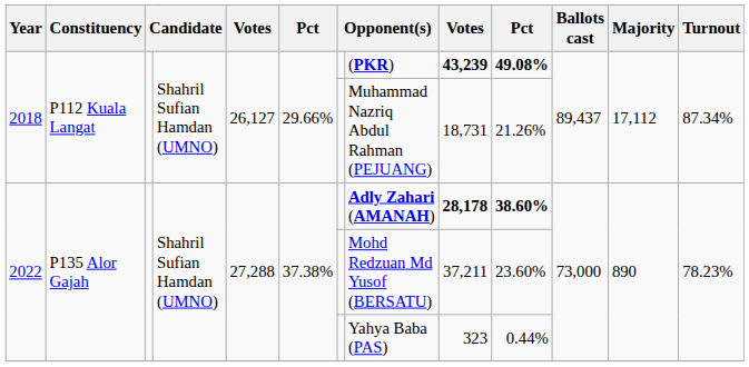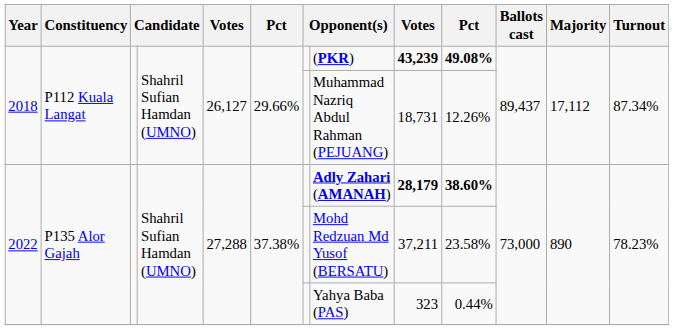 <table class="wikitable" style="margin:0.5em ; font-size:95%">
 <tr>
 <th>Year</th>
 <th>Constituency</th>
 <th colspan="2">Candidate</th>
 <th>Votes</th>
 <th>Pct</th>
 <th colspan="2">Opponent(s)</th>
 <th>Votes</th>
 <th>Pct</th>
 <th>Ballots cast</th>
 <th>Majority</th>
 <th>Turnout</th>
 </tr>
 <tr>
 <td rowspan="2"><a href='#'>2018</a></td>
 <td rowspan="2">P112 <a href='#'>Kuala Langat</a></td>
 <td rowspan="2" ></td>
 <td rowspan="2">Shahril Sufian Hamdan (<a href='#'>UMNO</a>)</td>
 <td rowspan="2" align=right>26,127</td>
 <td rowspan="2">29.66%</td>
 <td></td>
 <td> (<a href='#'><strong>PKR</strong></a>)</td>
 <td align=right><strong>43,239</strong></td>
 <td><strong>49.08%</strong></td>
 <td rowspan="2">89,437</td>
 <td rowspan="2">17,112</td>
 <td rowspan="2">87.34%</td>
 </tr>
 <tr>
 <td></td>
 <td>Muhammad Nazriq Abdul Rahman (<a href='#'>PEJUANG</a>)</td>
 <td align=right>18,731</td>
-<td>21.26%</td>
+<td>12.26%</td>
 </tr>
 <tr>
 <td rowspan="3"><a href='#'>2022</a></td>
 <td rowspan="3">P135 <a href='#'>Alor Gajah</a></td>
 <td rowspan="3" ></td>
 <td rowspan="3">Shahril Sufian Hamdan (<a href='#'>UMNO</a>)</td>
 <td rowspan="3" align=right>27,288</td>
 <td rowspan="3">37.38%</td>
 <td></td>
 <td><strong><a href='#'>Adly Zahari</a></strong> (<a href='#'><strong>AMANAH</strong></a>)</td>
-<td align=right><strong>28,178</strong></td>
+<td align=right><strong>28,179</strong></td>
 <td><strong>38.60%</strong></td>
 <td rowspan="3">73,000</td>
 <td rowspan="3">890</td>
 <td rowspan="3">78.23%</td>
 </tr>
 <tr>
 <td bgcolor=></td>
 <td><a href='#'>Mohd Redzuan Md Yusof</a> (<a href='#'>BERSATU</a>)</td>
 <td align=right>37,211</td>
-<td>23.60%</td>
+<td>23.58%</td>
 </tr>
 <tr>
 <td bgcolor=></td>
 <td>Yahya Baba (<a href='#'>PAS</a>)</td>
 <td align=right>323</td>
 <td align=right>0.44%</td>
 </tr>
 <tr>
 </tr>
 </table>
